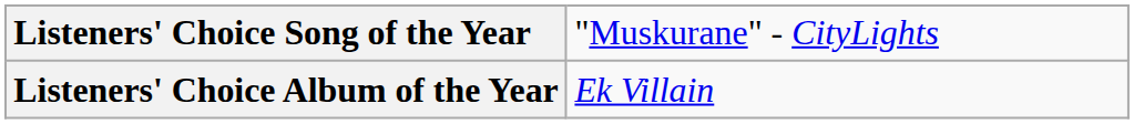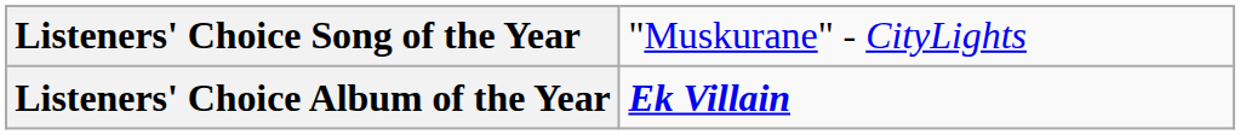 <table class="wikitable">
 <tr>
 <th style="text-align: left; width:50%;">Listeners' Choice Song of the Year</th>
 <td>"<a href='#'>Muskurane</a>" - <em><a href='#'>CityLights</a></em></td>
 </tr>
 <tr>
 <th style="text-align: left;">Listeners' Choice Album of the Year</th>
-<td><em><a href='#'>Ek Villain</a></em></td>
+<td><strong><em><a href='#'>Ek Villain</a></em></strong></td>
 </tr>
 </table>
